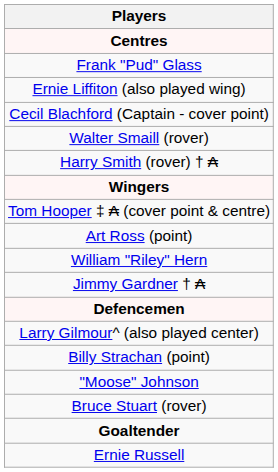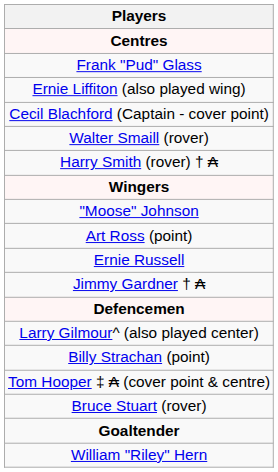 <table class="wikitable" style="text-align:center;">
 <tr>
 <th>Players</th>
 </tr>
 <tr style="font-weight:bold; background-color:#FFF5F5;">
 <td colspan="1" align="center"><strong>Centres</strong></td>
 </tr>
 <tr>
 <td><a href='#'>Frank "Pud" Glass</a></td>
 </tr>
 <tr>
 <td><a href='#'>Ernie Liffiton</a> (also played wing)</td>
 </tr>
 <tr>
 <td><a href='#'>Cecil Blachford</a> (Captain - cover point)</td>
 </tr>
 <tr>
 <td><a href='#'>Walter Smaill</a> (rover)</td>
 </tr>
 <tr>
 <td><a href='#'>Harry Smith</a> (rover) † ₳</td>
 </tr>
 <tr style="font-weight:bold; background-color:#FFF5F5;">
 <td colspan="1" align="center"><strong>Wingers</strong></td>
 </tr>
 <tr>
-<td><a href='#'>Tom Hooper</a> ‡ ₳ (cover point & centre)</td>
+<td><a href='#'>"Moose" Johnson</a></td>
 </tr>
 <tr>
 <td><a href='#'>Art Ross</a> (point)</td>
 </tr>
 <tr>
-<td><a href='#'>William "Riley" Hern</a></td>
+<td><a href='#'>Ernie Russell</a></td>
 </tr>
 <tr>
 <td><a href='#'>Jimmy Gardner</a> † ₳</td>
 </tr>
 <tr style="font-weight:bold; background-color:#FFF5F5;">
 <td colspan="1" align="center"><strong>Defencemen</strong></td>
 </tr>
 <tr>
 <td><a href='#'>Larry Gilmour</a>^ (also played center)</td>
 </tr>
 <tr>
 <td><a href='#'>Billy Strachan</a> (point)</td>
 </tr>
 <tr>
-<td><a href='#'>"Moose" Johnson</a></td>
+<td><a href='#'>Tom Hooper</a> ‡ ₳ (cover point & centre)</td>
 </tr>
 <tr>
 <td><a href='#'>Bruce Stuart</a> (rover)</td>
 </tr>
 <tr>
 <td colspan="1" align="center"><strong>Goaltender</strong></td>
 </tr>
 <tr>
-<td><a href='#'>Ernie Russell</a></td>
+<td><a href='#'>William "Riley" Hern</a></td>
 </tr>
 </table>
